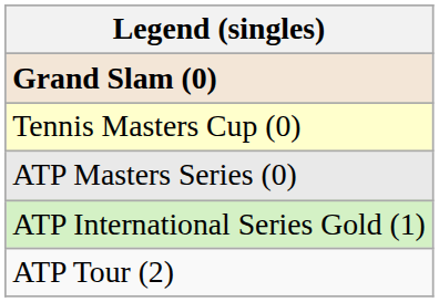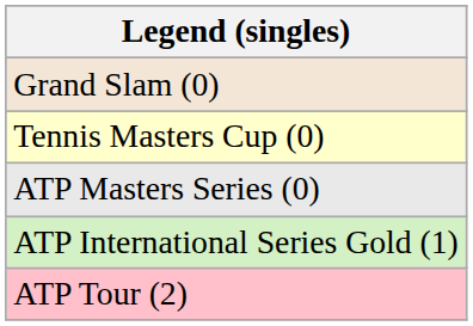 <table class="wikitable sortable mw-collapsible mw-collapsed">
 <tr>
 <th>Legend (singles)</th>
 </tr>
 <tr style="background:#f3e6d7;">
-<td><strong>Grand Slam (0)</strong></td>
+<td>Grand Slam (0)</td>
 </tr>
 <tr style="background:#ffffcc;">
 <td>Tennis Masters Cup (0)</td>
 </tr>
 <tr style="background:#e9e9e9;">
 <td>ATP Masters Series (0)</td>
 </tr>
 <tr style="background:#d4f1c5;">
 <td>ATP International Series Gold (1)</td>
 </tr>
 <tr>
-<td>ATP Tour (2)</td>
+<td style="background: pink;">ATP Tour (2)</td>
 </tr>
 </table>
